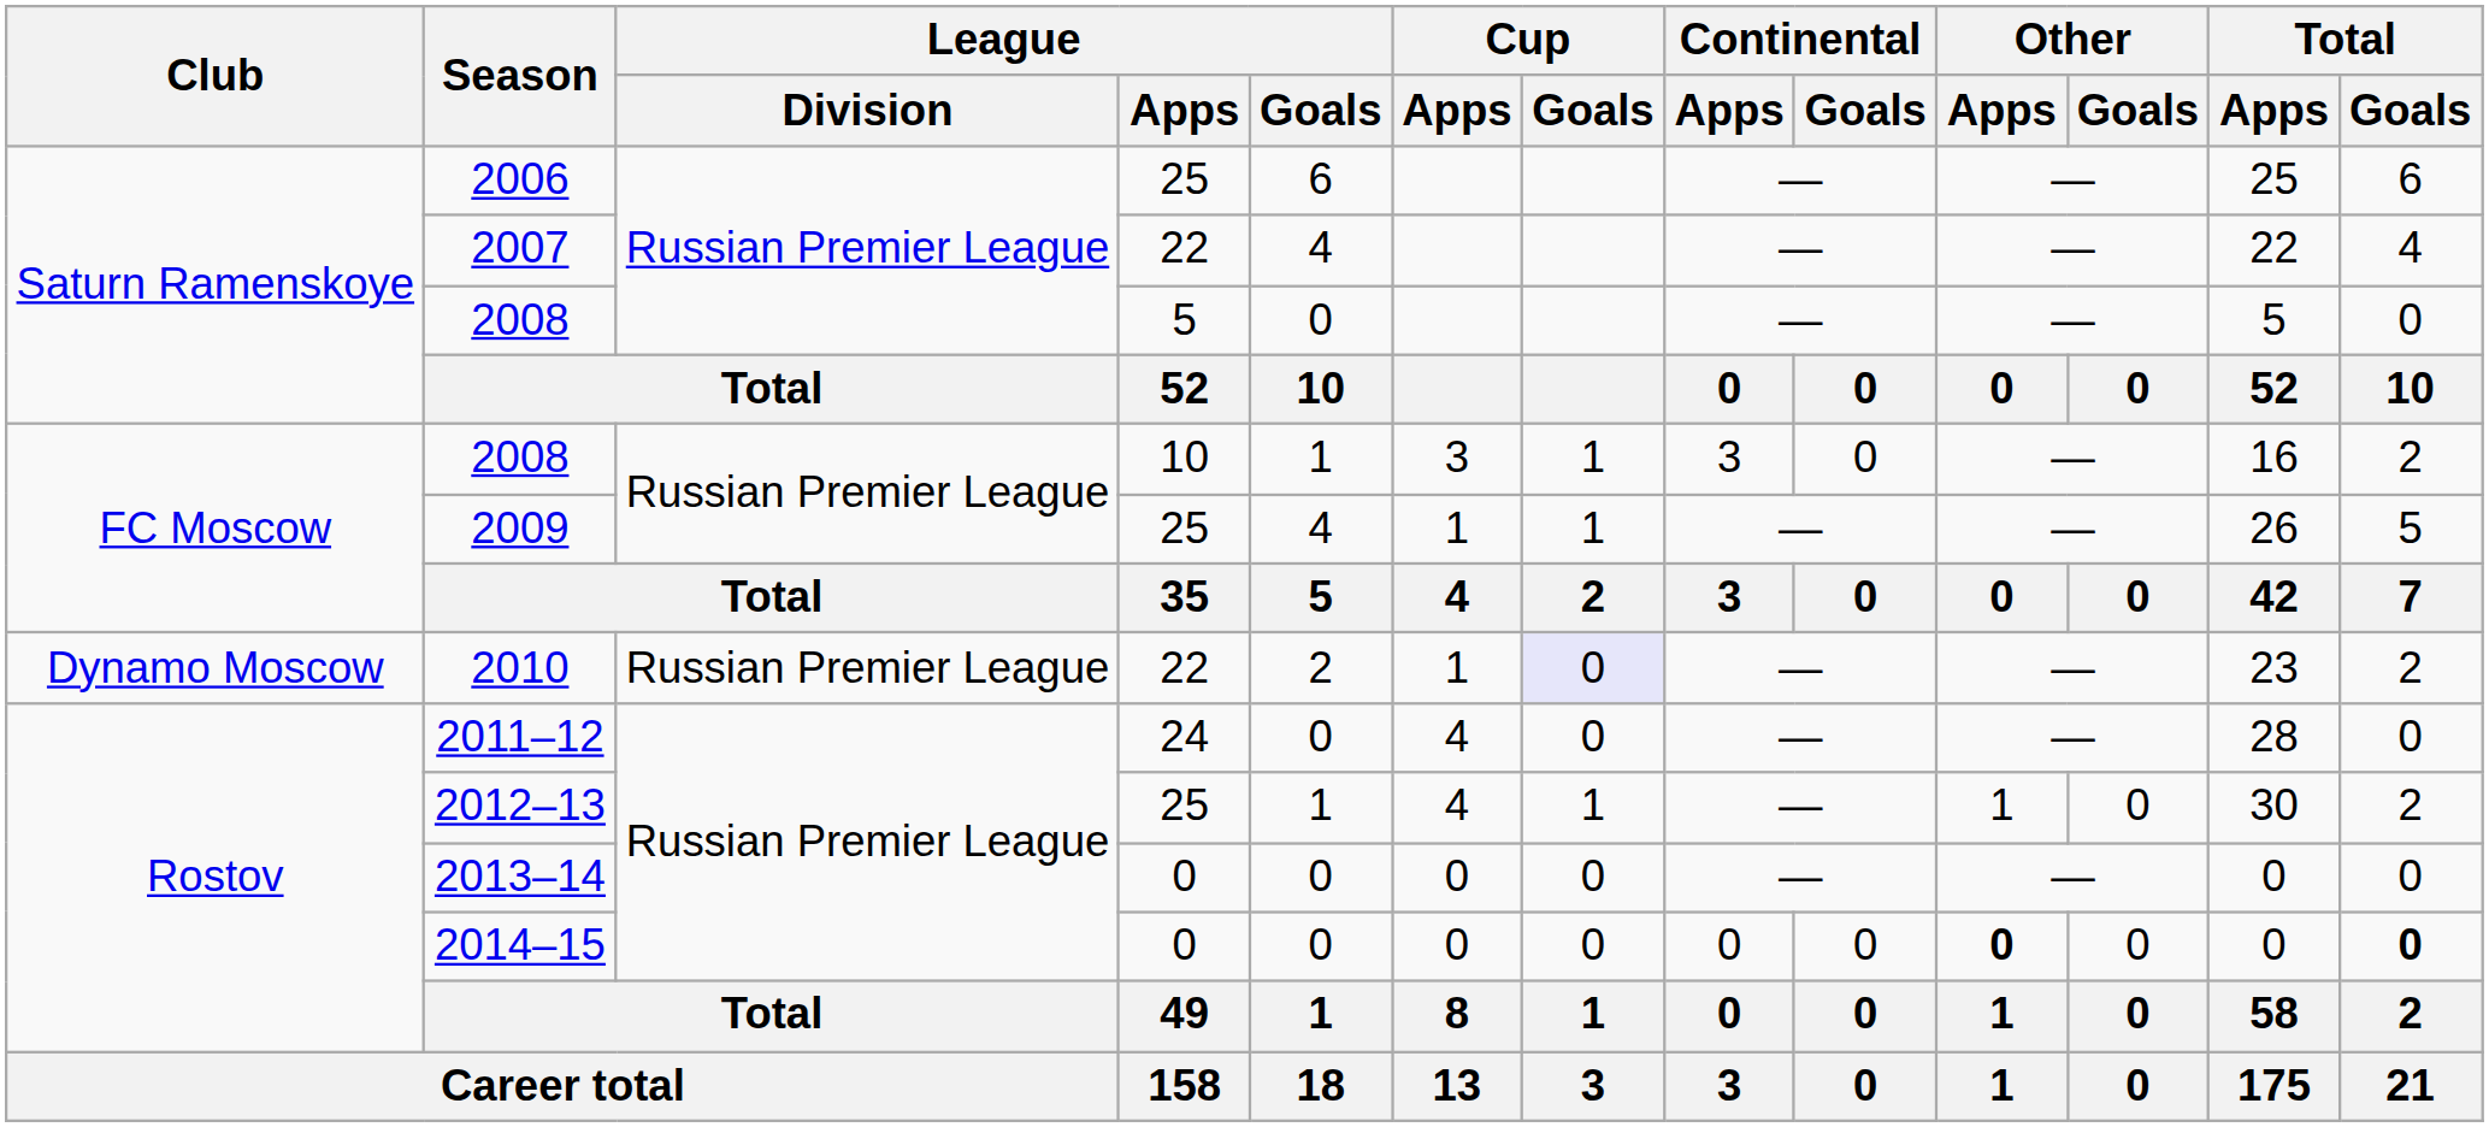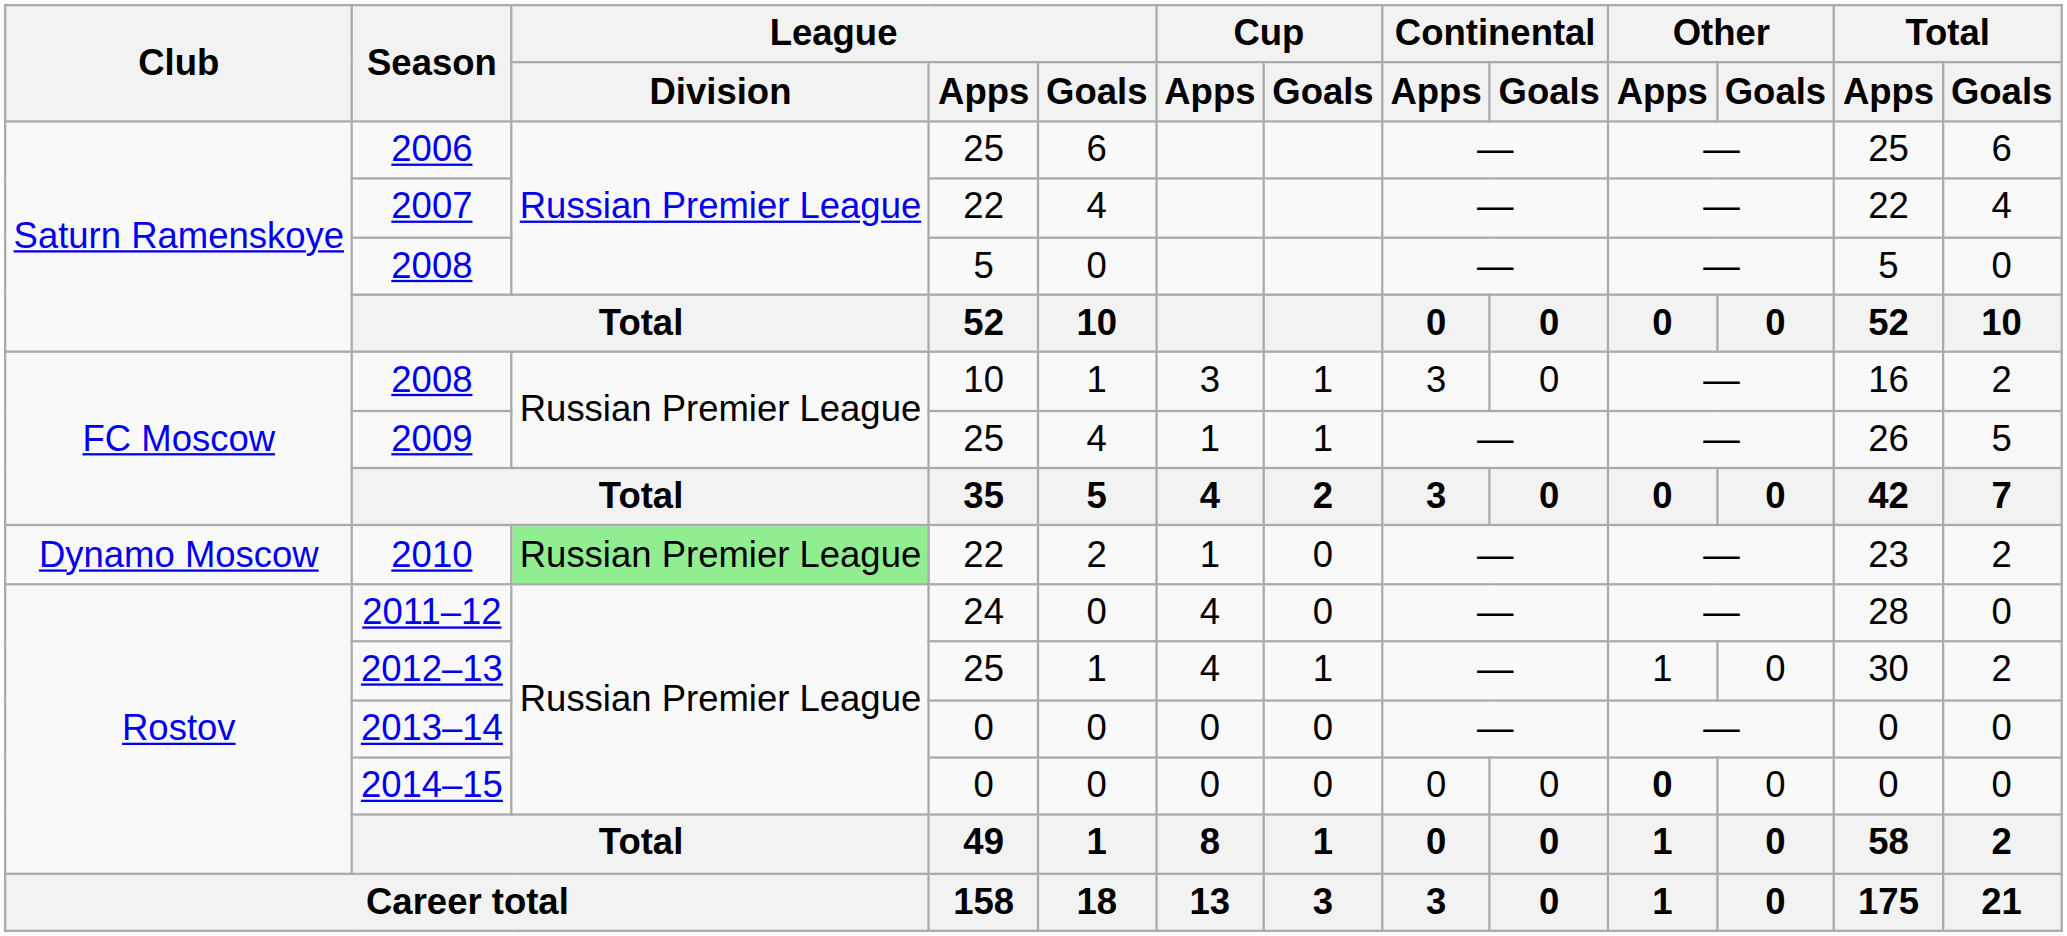 <table class="wikitable" style="text-align:center">
 <tr>
 <th rowspan="2">Club</th>
 <th rowspan="2">Season</th>
 <th colspan="3">League</th>
 <th colspan="2">Cup</th>
 <th colspan="2">Continental</th>
 <th colspan="2">Other</th>
 <th colspan="2">Total</th>
 </tr>
 <tr>
 <th>Division</th>
 <th>Apps</th>
 <th>Goals</th>
 <th>Apps</th>
 <th>Goals</th>
 <th>Apps</th>
 <th>Goals</th>
 <th>Apps</th>
 <th>Goals</th>
 <th>Apps</th>
 <th>Goals</th>
 </tr>
 <tr>
 <td rowspan="4"><a href='#'>Saturn Ramenskoye</a></td>
 <td><a href='#'>2006</a></td>
 <td rowspan="3"><a href='#'>Russian Premier League</a></td>
 <td>25</td>
 <td>6</td>
 <td></td>
 <td></td>
 <td colspan="2">—</td>
 <td colspan="2">—</td>
 <td>25</td>
 <td>6</td>
 </tr>
 <tr>
 <td><a href='#'>2007</a></td>
 <td>22</td>
 <td>4</td>
 <td></td>
 <td></td>
 <td colspan="2">—</td>
 <td colspan="2">—</td>
 <td>22</td>
 <td>4</td>
 </tr>
 <tr>
 <td><a href='#'>2008</a></td>
 <td>5</td>
 <td>0</td>
 <td></td>
 <td></td>
 <td colspan="2">—</td>
 <td colspan="2">—</td>
 <td>5</td>
 <td>0</td>
 </tr>
 <tr>
 <th colspan="2">Total</th>
 <th>52</th>
 <th>10</th>
 <th></th>
 <th></th>
 <th>0</th>
 <th>0</th>
 <th>0</th>
 <th>0</th>
 <th>52</th>
 <th>10</th>
 </tr>
 <tr>
 <td rowspan="3"><a href='#'>FC Moscow</a></td>
 <td><a href='#'>2008</a></td>
 <td rowspan="2">Russian Premier League</td>
 <td>10</td>
 <td>1</td>
 <td>3</td>
 <td>1</td>
 <td>3</td>
 <td>0</td>
 <td colspan="2">—</td>
 <td>16</td>
 <td>2</td>
 </tr>
 <tr>
 <td><a href='#'>2009</a></td>
 <td>25</td>
 <td>4</td>
 <td>1</td>
 <td>1</td>
 <td colspan="2">—</td>
 <td colspan="2">—</td>
 <td>26</td>
 <td>5</td>
 </tr>
 <tr>
 <th colspan="2">Total</th>
 <th>35</th>
 <th>5</th>
 <th>4</th>
 <th>2</th>
 <th>3</th>
 <th>0</th>
 <th>0</th>
 <th>0</th>
 <th>42</th>
 <th>7</th>
 </tr>
 <tr>
 <td><a href='#'>Dynamo Moscow</a></td>
 <td><a href='#'>2010</a></td>
-<td>Russian Premier League</td>
+<td style="background: lightgreen;">Russian Premier League</td>
 <td>22</td>
 <td>2</td>
 <td>1</td>
-<td style="background: lavender;">0</td>
+<td>0</td>
 <td colspan="2">—</td>
 <td colspan="2">—</td>
 <td>23</td>
 <td>2</td>
 </tr>
 <tr>
 <td rowspan="5"><a href='#'>Rostov</a></td>
 <td><a href='#'>2011–12</a></td>
 <td rowspan="4">Russian Premier League</td>
 <td>24</td>
 <td>0</td>
 <td>4</td>
 <td>0</td>
 <td colspan="2">—</td>
 <td colspan="2">—</td>
 <td>28</td>
 <td>0</td>
 </tr>
 <tr>
 <td><a href='#'>2012–13</a></td>
 <td>25</td>
 <td>1</td>
 <td>4</td>
 <td>1</td>
 <td colspan="2">—</td>
 <td>1</td>
 <td>0</td>
 <td>30</td>
 <td>2</td>
 </tr>
 <tr>
 <td><a href='#'>2013–14</a></td>
 <td>0</td>
 <td>0</td>
 <td>0</td>
 <td>0</td>
 <td colspan="2">—</td>
 <td colspan="2">—</td>
 <td>0</td>
 <td>0</td>
 </tr>
 <tr>
 <td><a href='#'>2014–15</a></td>
 <td>0</td>
 <td>0</td>
 <td>0</td>
 <td>0</td>
 <td>0</td>
 <td>0</td>
 <td><strong>0</strong></td>
 <td>0</td>
 <td>0</td>
-<td><strong>0</strong></td>
+<td>0</td>
 </tr>
 <tr>
 <th colspan="2">Total</th>
 <th>49</th>
 <th>1</th>
 <th>8</th>
 <th>1</th>
 <th>0</th>
 <th>0</th>
 <th>1</th>
 <th>0</th>
 <th>58</th>
 <th>2</th>
 </tr>
 <tr>
 <th colspan="3">Career total</th>
 <th>158</th>
 <th>18</th>
 <th>13</th>
 <th>3</th>
 <th>3</th>
 <th>0</th>
 <th>1</th>
 <th>0</th>
 <th>175</th>
 <th>21</th>
 </tr>
 </table>
